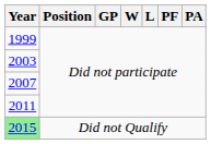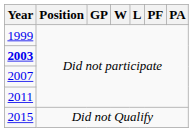 <table class="wikitable" style="text-align: center;">
 <tr>
 <th>Year</th>
 <th>Position</th>
 <th>GP</th>
 <th>W</th>
 <th>L</th>
 <th>PF</th>
 <th>PA</th>
 </tr>
 <tr>
 <td> <a href='#'>1999</a></td>
 <td colspan=6 rowspan=4><em>Did not participate</em></td>
 </tr>
 <tr>
-<td> <a href='#'>2003</a></td>
+<td><strong> <a href='#'>2003</a></strong></td>
 </tr>
 <tr>
 <td> <a href='#'>2007</a></td>
 </tr>
 <tr>
 <td> <a href='#'>2011</a></td>
 </tr>
 <tr>
-<td style="background: lightgreen;"> <a href='#'>2015</a></td>
+<td> <a href='#'>2015</a></td>
 <td colspan=6><em>Did not Qualify </em></td>
 </tr>
 </table>
